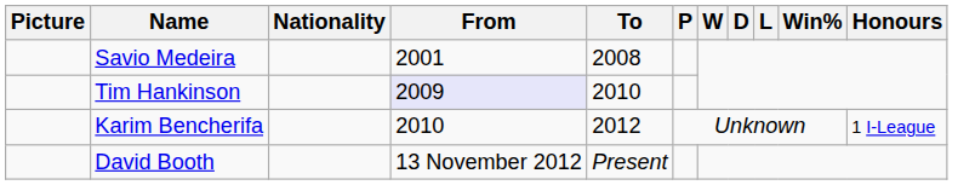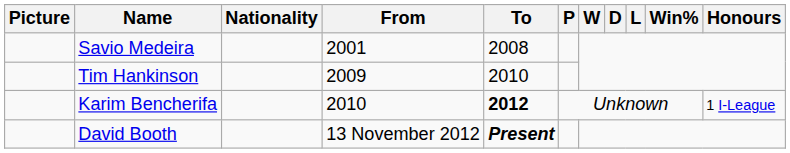 <table class="wikitable sortable" style="text-align: center">
 <tr>
 <th>Picture</th>
 <th>Name</th>
 <th>Nationality</th>
 <th>From</th>
 <th class="unsortable">To</th>
 <th>P</th>
 <th>W</th>
 <th>D</th>
 <th>L</th>
 <th>Win%</th>
 <th class="unsortable">Honours</th>
 </tr>
 <tr>
 <td></td>
 <td align=left><a href='#'>Savio Medeira</a></td>
 <td></td>
 <td align=left>2001</td>
 <td align=left>2008<br></td>
 <td></td>
 </tr>
 <tr>
 <td></td>
 <td align=left><a href='#'>Tim Hankinson</a></td>
 <td></td>
-<td align=left style="background: lavender;">2009</td>
+<td align=left>2009</td>
 <td align=left>2010<br></td>
 <td align=left style="font-size: 80%"></td>
 </tr>
 <tr>
 <td></td>
 <td align=left><a href='#'>Karim Bencherifa</a></td>
 <td></td>
 <td align=left>2010</td>
-<td align=left>2012</td>
+<td align=left><strong>2012</strong></td>
 <td colspan="5"><em>Unknown</em></td>
 <td align=left style="font-size: 80%">1 <a href='#'>I-League</a></td>
 </tr>
 <tr>
 <td></td>
 <td align=left><a href='#'>David Booth</a></td>
 <td></td>
 <td align=left>13 November 2012</td>
-<td align=left><em>Present</em><br></td>
+<td align=left><strong><em>Present</em><br></strong></td>
 <td></td>
 </tr>
 </table>
